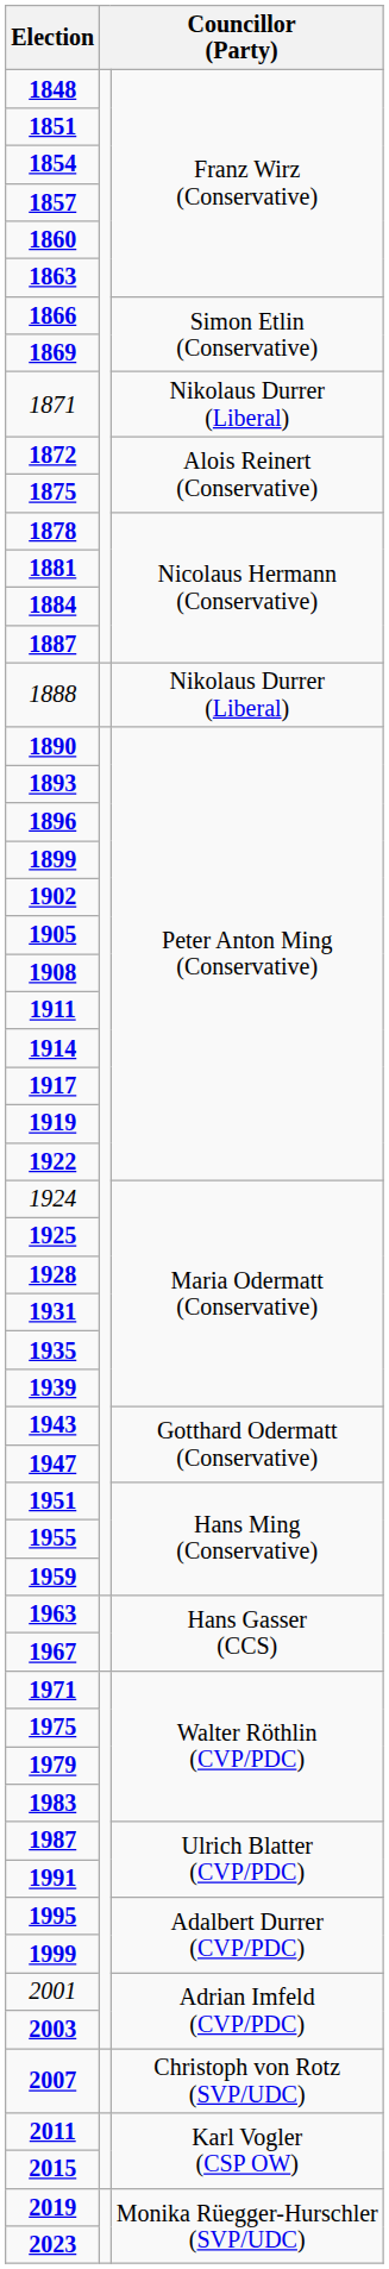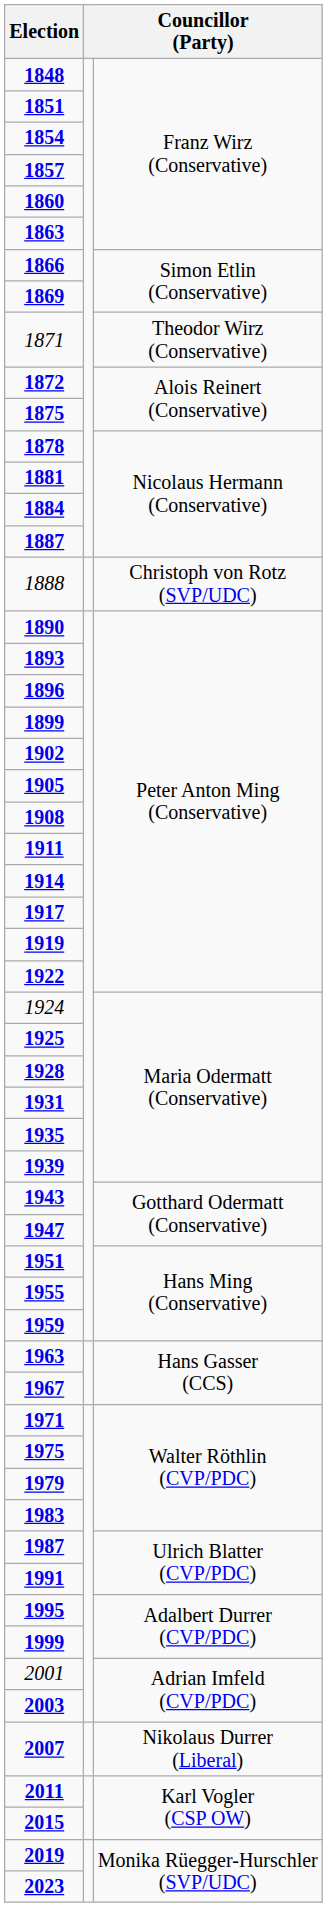 <table class="wikitable" style="text-align:center">
 <tr>
 <th>Election</th>
 <th colspan=2>Councillor<br>(Party)</th>
 </tr>
 <tr>
 <td><strong><a href='#'>1848</a></strong></td>
 <td rowspan=15; style="background-color: "></td>
 <td rowspan=6>Franz Wirz<br>(Conservative)</td>
 </tr>
 <tr>
 <td><strong><a href='#'>1851</a></strong></td>
 </tr>
 <tr>
 <td><strong><a href='#'>1854</a></strong></td>
 </tr>
 <tr>
 <td><strong><a href='#'>1857</a></strong></td>
 </tr>
 <tr>
 <td><strong><a href='#'>1860</a></strong></td>
 </tr>
 <tr>
 <td><strong><a href='#'>1863</a></strong></td>
 </tr>
 <tr>
 <td><strong><a href='#'>1866</a></strong></td>
 <td rowspan=2>Simon Etlin<br>(Conservative)</td>
 </tr>
 <tr>
 <td><strong><a href='#'>1869</a></strong></td>
 </tr>
 <tr>
 <td><em>1871</em></td>
-<td rowspan=1>Nikolaus Durrer<br>(<a href='#'>Liberal</a>)</td>
+<td rowspan=1>Theodor Wirz<br>(Conservative)</td>
 </tr>
 <tr>
 <td><strong><a href='#'>1872</a></strong></td>
 <td rowspan=2>Alois Reinert<br>(Conservative)</td>
 </tr>
 <tr>
 <td><strong><a href='#'>1875</a></strong></td>
 </tr>
 <tr>
 <td><strong><a href='#'>1878</a></strong></td>
 <td rowspan=4>Nicolaus Hermann<br>(Conservative)</td>
 </tr>
 <tr>
 <td><strong><a href='#'>1881</a></strong></td>
 </tr>
 <tr>
 <td><strong><a href='#'>1884</a></strong></td>
 </tr>
 <tr>
 <td><strong><a href='#'>1887</a></strong></td>
 </tr>
 <tr>
 <td><em>1888</em></td>
 <td rowspan=1; style="background-color: "></td>
-<td rowspan=1>Nikolaus Durrer<br>(<a href='#'>Liberal</a>)</td>
+<td rowspan=1>Christoph von Rotz<br>(<a href='#'>SVP/UDC</a>)</td>
 </tr>
 <tr>
 <td><strong><a href='#'>1890</a></strong></td>
 <td rowspan=23; style="background-color: "></td>
 <td rowspan=12>Peter Anton Ming<br>(Conservative)</td>
 </tr>
 <tr>
 <td><strong><a href='#'>1893</a></strong></td>
 </tr>
 <tr>
 <td><strong><a href='#'>1896</a></strong></td>
 </tr>
 <tr>
 <td><strong><a href='#'>1899</a></strong></td>
 </tr>
 <tr>
 <td><strong><a href='#'>1902</a></strong></td>
 </tr>
 <tr>
 <td><strong><a href='#'>1905</a></strong></td>
 </tr>
 <tr>
 <td><strong><a href='#'>1908</a></strong></td>
 </tr>
 <tr>
 <td><strong><a href='#'>1911</a></strong></td>
 </tr>
 <tr>
 <td><strong><a href='#'>1914</a></strong></td>
 </tr>
 <tr>
 <td><strong><a href='#'>1917</a></strong></td>
 </tr>
 <tr>
 <td><strong><a href='#'>1919</a></strong></td>
 </tr>
 <tr>
 <td><strong><a href='#'>1922</a></strong></td>
 </tr>
 <tr>
 <td><em>1924</em></td>
 <td rowspan=6>Maria Odermatt<br>(Conservative)</td>
 </tr>
 <tr>
 <td><strong><a href='#'>1925</a></strong></td>
 </tr>
 <tr>
 <td><strong><a href='#'>1928</a></strong></td>
 </tr>
 <tr>
 <td><strong><a href='#'>1931</a></strong></td>
 </tr>
 <tr>
 <td><strong><a href='#'>1935</a></strong></td>
 </tr>
 <tr>
 <td><strong><a href='#'>1939</a></strong></td>
 </tr>
 <tr>
 <td><strong><a href='#'>1943</a></strong></td>
 <td rowspan=2>Gotthard Odermatt<br>(Conservative)</td>
 </tr>
 <tr>
 <td><strong><a href='#'>1947</a></strong></td>
 </tr>
 <tr>
 <td><strong><a href='#'>1951</a></strong></td>
 <td rowspan=3>Hans Ming<br>(Conservative)</td>
 </tr>
 <tr>
 <td><strong><a href='#'>1955</a></strong></td>
 </tr>
 <tr>
 <td><strong><a href='#'>1959</a></strong></td>
 </tr>
 <tr>
 <td><strong><a href='#'>1963</a></strong></td>
 <td rowspan=2; style="background-color: "></td>
 <td rowspan=2>Hans Gasser<br>(CCS)</td>
 </tr>
 <tr>
 <td><strong><a href='#'>1967</a></strong></td>
 </tr>
 <tr>
 <td><strong><a href='#'>1971</a></strong></td>
 <td rowspan=10; style="background-color: "></td>
 <td rowspan=4>Walter Röthlin<br>(<a href='#'>CVP/PDC</a>)</td>
 </tr>
 <tr>
 <td><strong><a href='#'>1975</a></strong></td>
 </tr>
 <tr>
 <td><strong><a href='#'>1979</a></strong></td>
 </tr>
 <tr>
 <td><strong><a href='#'>1983</a></strong></td>
 </tr>
 <tr>
 <td><strong><a href='#'>1987</a></strong></td>
 <td rowspan=2>Ulrich Blatter<br>(<a href='#'>CVP/PDC</a>)</td>
 </tr>
 <tr>
 <td><strong><a href='#'>1991</a></strong></td>
 </tr>
 <tr>
 <td><strong><a href='#'>1995</a></strong></td>
 <td rowspan=2>Adalbert Durrer<br>(<a href='#'>CVP/PDC</a>)</td>
 </tr>
 <tr>
 <td><strong><a href='#'>1999</a></strong></td>
 </tr>
 <tr>
 <td><em>2001</em></td>
 <td rowspan=2>Adrian Imfeld<br>(<a href='#'>CVP/PDC</a>)</td>
 </tr>
 <tr>
 <td><strong><a href='#'>2003</a></strong></td>
 </tr>
 <tr>
 <td><strong><a href='#'>2007</a></strong></td>
 <td rowspan=1; style="background-color: "></td>
-<td rowspan=1>Christoph von Rotz<br>(<a href='#'>SVP/UDC</a>)</td>
+<td rowspan=1>Nikolaus Durrer<br>(<a href='#'>Liberal</a>)</td>
 </tr>
 <tr>
 <td><strong><a href='#'>2011</a></strong></td>
 <td rowspan=2; style="background-color: "></td>
 <td rowspan=2>Karl Vogler<br>(<a href='#'>CSP OW</a>)</td>
 </tr>
 <tr>
 <td><strong><a href='#'>2015</a></strong></td>
 </tr>
 <tr>
 <td><strong><a href='#'>2019</a></strong></td>
 <td rowspan=2; style="background-color: "></td>
 <td rowspan=2>Monika Rüegger-Hurschler<br>(<a href='#'>SVP/UDC</a>)</td>
 </tr>
 <tr>
 <td><strong><a href='#'>2023</a></strong></td>
 </tr>
 </table>
